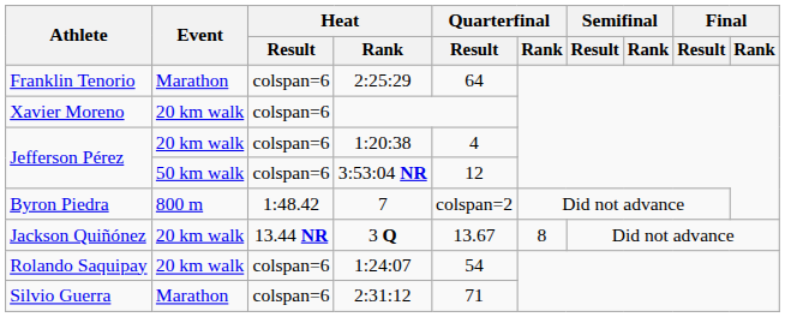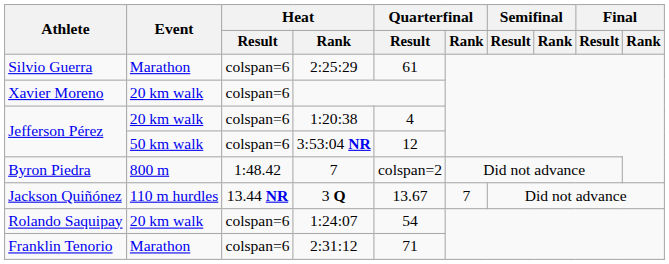 <table class=wikitable style="font-size:90%">
 <tr>
 <th rowspan="2">Athlete</th>
 <th rowspan="2">Event</th>
 <th colspan="2">Heat</th>
 <th colspan="2">Quarterfinal</th>
 <th colspan="2">Semifinal</th>
 <th colspan="2">Final</th>
 </tr>
 <tr style="font-size:95%">
 <th>Result</th>
 <th>Rank</th>
 <th>Result</th>
 <th>Rank</th>
 <th>Result</th>
 <th>Rank</th>
 <th>Result</th>
 <th>Rank</th>
 </tr>
 <tr align=center>
-<td align=left><a href='#'>Franklin Tenorio</a></td>
+<td align=left><a href='#'>Silvio Guerra</a></td>
 <td align=left><a href='#'>Marathon</a></td>
 <td>colspan=6 </td>
 <td>2:25:29</td>
-<td>64</td>
+<td>61</td>
 </tr>
 <tr align=center>
 <td align=left><a href='#'>Xavier Moreno</a></td>
 <td align=left><a href='#'>20 km walk</a></td>
 <td>colspan=6 </td>
 <td colspan=2></td>
 </tr>
 <tr align=center>
 <td align=left rowspan=2><a href='#'>Jefferson Pérez</a></td>
 <td align=left><a href='#'>20 km walk</a></td>
 <td>colspan=6 </td>
 <td>1:20:38</td>
 <td>4</td>
 </tr>
 <tr align=center>
 <td align=left><a href='#'>50 km walk</a></td>
 <td>colspan=6 </td>
 <td>3:53:04 <strong><a href='#'>NR</a></strong></td>
 <td>12</td>
 </tr>
 <tr align=center>
 <td align=left><a href='#'>Byron Piedra</a></td>
 <td align=left><a href='#'>800 m</a></td>
 <td>1:48.42</td>
 <td>7</td>
 <td>colspan=2 </td>
 <td colspan=4>Did not advance</td>
 </tr>
 <tr align=center>
 <td align=left><a href='#'>Jackson Quiñónez</a></td>
-<td align=left><a href='#'>20 km walk</a></td>
+<td align=left><a href='#'>110 m hurdles</a></td>
 <td>13.44 <strong><a href='#'>NR</a></strong></td>
 <td>3 <strong>Q</strong></td>
 <td>13.67</td>
-<td>8</td>
+<td>7</td>
 <td colspan=4>Did not advance</td>
 </tr>
 <tr align=center>
 <td align=left><a href='#'>Rolando Saquipay</a></td>
 <td align=left><a href='#'>20 km walk</a></td>
 <td>colspan=6 </td>
 <td>1:24:07</td>
 <td>54</td>
 </tr>
 <tr align=center>
-<td align=left><a href='#'>Silvio Guerra</a></td>
+<td align=left><a href='#'>Franklin Tenorio</a></td>
 <td align=left><a href='#'>Marathon</a></td>
 <td>colspan=6 </td>
 <td>2:31:12</td>
 <td>71</td>
 </tr>
 </table>
